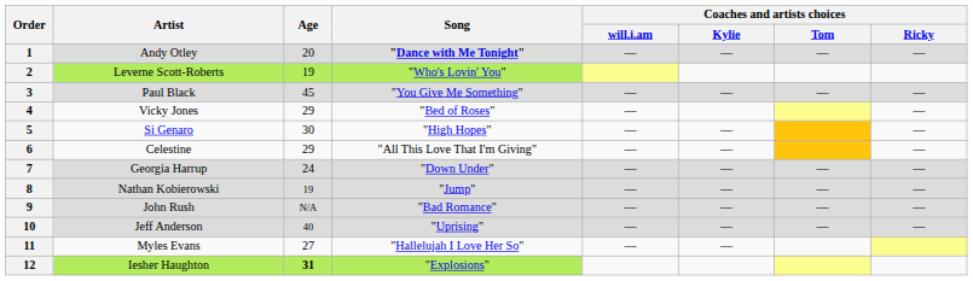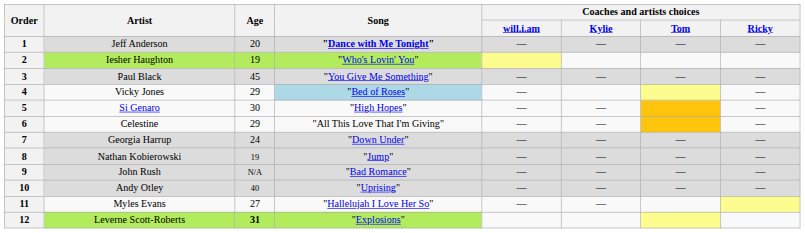 <table class="wikitable" style="text-align:center; width:100%;">
 <tr>
 <th scope="col" rowspan="2" style="width:05%;">Order</th>
 <th scope="col" rowspan="2" style="width:24%;">Artist</th>
 <th scope="col" rowspan="2" style="width:05%;">Age</th>
 <th scope="col" rowspan="2" style="width:26%;">Song</th>
 <th colspan="4" style="width:40%;">Coaches and artists choices</th>
 </tr>
 <tr>
 <th style="width:10%;"><a href='#'>will.i.am</a></th>
 <th style="width:10%;"><a href='#'>Kylie</a></th>
 <th style="width:10%;"><a href='#'>Tom</a></th>
 <th style="width:10%;"><a href='#'>Ricky</a></th>
 </tr>
 <tr style="background:#DCDCDC">
 <th scope="col">1</th>
-<td>Andy Otley</td>
+<td>Jeff Anderson</td>
 <td>20</td>
 <td style="background:#DCDCDC; text-align:center;"><strong>"<a href='#'>Dance with Me Tonight</a>"</strong></td>
 <td>—</td>
 <td>—</td>
 <td>—</td>
 <td>—</td>
 </tr>
 <tr>
 <th scope="col">2</th>
-<td style="background-color:#B2EC5D;">Leverne Scott-Roberts</td>
+<td style="background-color:#B2EC5D;">Iesher Haughton</td>
 <td style="background-color:#B2EC5D;">19</td>
 <td style="background-color:#B2EC5D;">"<a href='#'>Who's Lovin' You</a>"</td>
 <td style="background:#fdfc8f;text-align:center;"><strong></strong></td>
 <td><strong></strong></td>
 <td><strong></strong></td>
 <td><strong></strong></td>
 </tr>
 <tr style="background:#DCDCDC">
 <th scope="col">3</th>
 <td>Paul Black</td>
 <td>45</td>
 <td style="background:#DCDCDC; text-align:center;">"<a href='#'>You Give Me Something</a>"</td>
 <td>—</td>
 <td>—</td>
 <td>—</td>
 <td>—</td>
 </tr>
 <tr>
 <th scope="col">4</th>
 <td>Vicky Jones</td>
 <td>29</td>
-<td>"<a href='#'>Bed of Roses</a>"</td>
+<td style="background: lightblue;">"<a href='#'>Bed of Roses</a>"</td>
 <td>—</td>
 <td><strong></strong></td>
 <td style="background:#fdfc8f;text-align:center;"><strong></strong></td>
 <td>—</td>
 </tr>
 <tr>
 <th scope="col">5</th>
 <td><a href='#'>Si Genaro</a></td>
 <td>30</td>
 <td>"<a href='#'>High Hopes</a>"</td>
 <td>—</td>
 <td>—</td>
 <td style="background:#FFC40C;text-align:center;"><strong></strong></td>
 <td>—</td>
 </tr>
 <tr>
 <th scope="col">6</th>
 <td>Celestine</td>
 <td>29</td>
 <td>"All This Love That I'm Giving"</td>
 <td>—</td>
 <td>—</td>
 <td style="background:#FFC40C;text-align:center;"><strong></strong></td>
 <td>—</td>
 </tr>
 <tr style="background:#DCDCDC">
 <th scope="col">7</th>
 <td>Georgia Harrup</td>
 <td>24</td>
 <td style="background:#DCDCDC; text-align:center;">"<a href='#'>Down Under</a>"</td>
 <td>—</td>
 <td>—</td>
 <td>—</td>
 <td>—</td>
 </tr>
 <tr style="background:#DCDCDC">
 <th scope="col">8</th>
 <td>Nathan Kobierowski</td>
 <td><small>19</small></td>
 <td style="background:#DCDCDC; text-align:center;">"<a href='#'>Jump</a>"</td>
 <td>—</td>
 <td>—</td>
 <td>—</td>
 <td>—</td>
 </tr>
 <tr style="background:#DCDCDC">
 <th scope="col">9</th>
 <td>John Rush</td>
 <td><small>N/A</small></td>
 <td style="background:#DCDCDC; text-align:center;">"<a href='#'>Bad Romance</a>"</td>
 <td>—</td>
 <td>—</td>
 <td>—</td>
 <td>—</td>
 </tr>
 <tr style="background:#DCDCDC">
 <th scope="col">10</th>
-<td>Jeff Anderson</td>
+<td>Andy Otley</td>
 <td><small>40</small></td>
 <td style="background:#DCDCDC; text-align:center;">"<a href='#'>Uprising</a>"</td>
 <td>—</td>
 <td>—</td>
 <td>—</td>
 <td>—</td>
 </tr>
 <tr>
 <th scope="col">11</th>
 <td>Myles Evans</td>
 <td>27</td>
 <td>"<a href='#'>Hallelujah I Love Her So</a>"</td>
 <td>—</td>
 <td>—</td>
 <td><strong></strong></td>
 <td style="background:#fdfc8f;text-align:center;"><strong></strong></td>
 </tr>
 <tr>
 <th scope="col">12</th>
-<td style="background-color:#B2EC5D;">Iesher Haughton</td>
+<td style="background-color:#B2EC5D;">Leverne Scott-Roberts</td>
 <td style="background-color:#B2EC5D;"><strong>31</strong></td>
 <td style="background-color:#B2EC5D;">"<a href='#'>Explosions</a>"</td>
 <td><strong></strong></td>
 <td><strong></strong></td>
 <td style="background:#fdfc8f;text-align:center;"><strong></strong></td>
 <td><strong></strong></td>
 </tr>
 </table>
